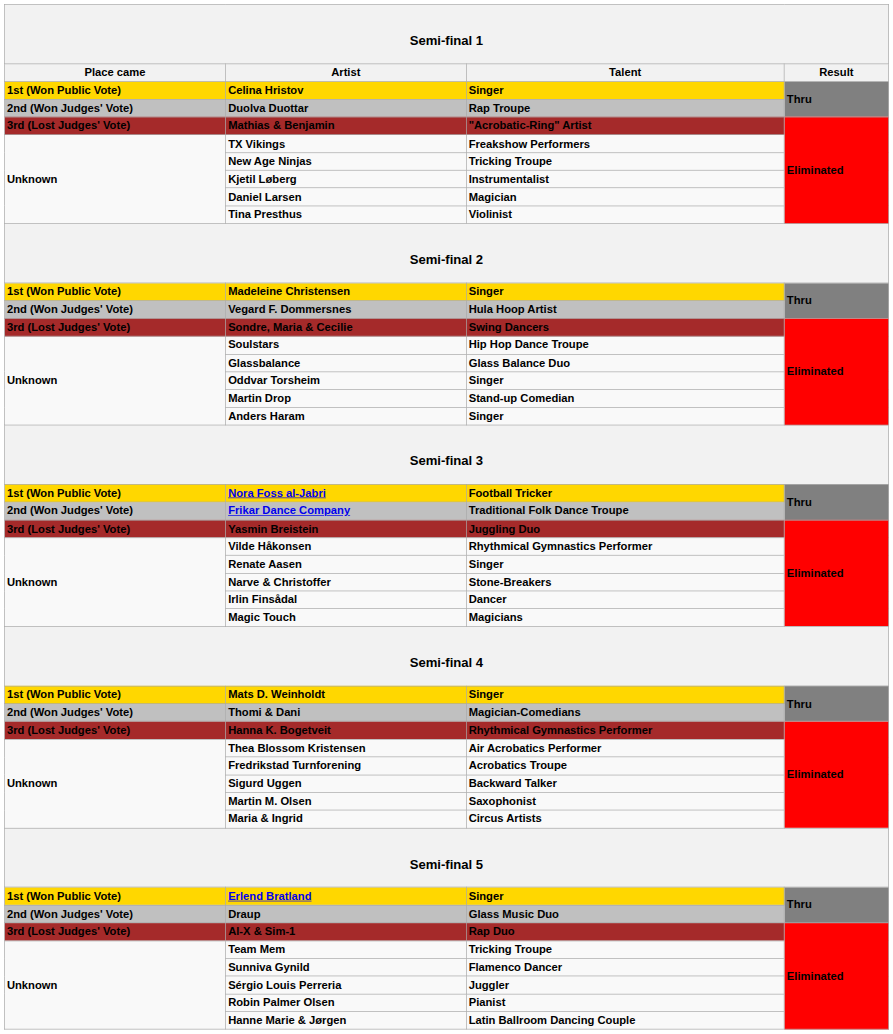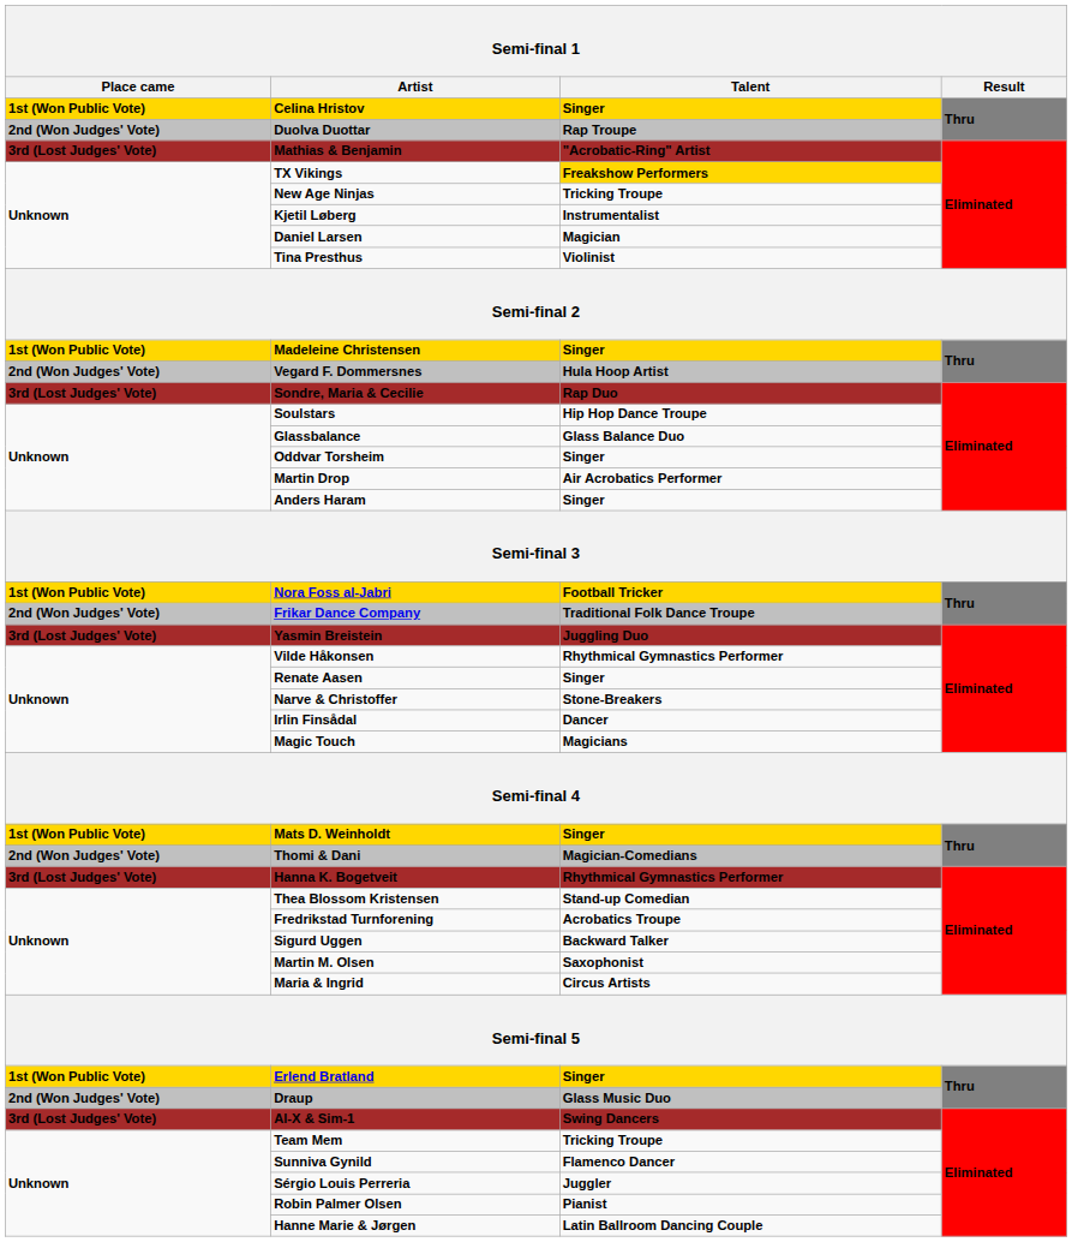 <table class="wikitable" width="100%">
 <tr>
 <th colspan="4"><br><h3>Semi-final 1</h3></th>
 </tr>
 <tr>
 <th>Place came</th>
 <th>Artist</th>
 <th>Talent</th>
 <th>Result</th>
 </tr>
 <tr>
 <td bgcolor="gold"><strong>1st (Won Public Vote)</strong></td>
 <td bgcolor="gold"><strong>Celina Hristov</strong></td>
 <td bgcolor="gold"><strong>Singer</strong></td>
 <td rowspan="2" bgcolor="grey"><strong>Thru</strong></td>
 </tr>
 <tr>
 <td bgcolor="silver"><strong>2nd (Won Judges' Vote)</strong></td>
 <td bgcolor="silver"><strong>Duolva Duottar</strong></td>
 <td bgcolor="silver"><strong>Rap Troupe</strong></td>
 </tr>
 <tr>
 <td bgcolor="brown"><strong>3rd (Lost Judges' Vote)</strong></td>
 <td bgcolor="brown"><strong>Mathias & Benjamin</strong></td>
 <td bgcolor="brown"><strong>"Acrobatic-Ring" Artist</strong></td>
 <td rowspan="6" bgcolor="red"><strong>Eliminated</strong></td>
 </tr>
 <tr>
 <td rowspan="5"><strong>Unknown</strong></td>
 <td><strong>TX Vikings</strong></td>
-<td><strong>Freakshow Performers</strong></td>
+<td style="background: gold;"><strong>Freakshow Performers</strong></td>
 </tr>
 <tr>
 <td><strong>New Age Ninjas</strong></td>
 <td><strong>Tricking Troupe</strong></td>
 </tr>
 <tr>
 <td><strong>Kjetil Løberg</strong></td>
 <td><strong>Instrumentalist</strong></td>
 </tr>
 <tr>
 <td><strong>Daniel Larsen</strong></td>
 <td><strong>Magician</strong></td>
 </tr>
 <tr>
 <td><strong>Tina Presthus</strong></td>
 <td><strong>Violinist</strong></td>
 </tr>
 <tr>
 <th colspan="4"><br><h3>Semi-final 2</h3></th>
 </tr>
 <tr>
 <td bgcolor="gold"><strong>1st (Won Public Vote)</strong></td>
 <td bgcolor="gold"><strong>Madeleine Christensen</strong></td>
 <td bgcolor="gold"><strong>Singer</strong></td>
 <td rowspan="2" bgcolor="grey"><strong>Thru</strong></td>
 </tr>
 <tr>
 <td bgcolor="silver"><strong>2nd (Won Judges' Vote)</strong></td>
 <td bgcolor="silver"><strong>Vegard F. Dommersnes</strong></td>
 <td bgcolor="silver"><strong>Hula Hoop Artist</strong></td>
 </tr>
 <tr>
 <td bgcolor="brown"><strong>3rd (Lost Judges' Vote)</strong></td>
 <td bgcolor="brown"><strong>Sondre, Maria & Cecilie</strong></td>
-<td bgcolor="brown"><strong>Swing Dancers</strong></td>
+<td bgcolor="brown"><strong>Rap Duo</strong></td>
 <td rowspan="6" bgcolor="red"><strong>Eliminated</strong></td>
 </tr>
 <tr>
 <td rowspan="5"><strong>Unknown</strong></td>
 <td><strong>Soulstars</strong></td>
 <td><strong>Hip Hop Dance Troupe</strong></td>
 </tr>
 <tr>
 <td><strong>Glassbalance</strong></td>
 <td><strong>Glass Balance Duo</strong></td>
 </tr>
 <tr>
 <td><strong>Oddvar Torsheim</strong></td>
 <td><strong>Singer</strong></td>
 </tr>
 <tr>
 <td><strong>Martin Drop</strong></td>
-<td><strong>Stand-up Comedian</strong></td>
+<td><strong>Air Acrobatics Performer</strong></td>
 </tr>
 <tr>
 <td><strong>Anders Haram</strong></td>
 <td><strong>Singer</strong></td>
 </tr>
 <tr>
 <th colspan="4"><br><h3>Semi-final 3</h3></th>
 </tr>
 <tr>
 <td bgcolor="gold"><strong>1st (Won Public Vote)</strong></td>
 <td bgcolor="gold"><strong><a href='#'>Nora Foss al-Jabri</a></strong></td>
 <td bgcolor="gold"><strong>Football Tricker</strong></td>
 <td rowspan="2" bgcolor="grey"><strong>Thru</strong></td>
 </tr>
 <tr>
 <td bgcolor="silver"><strong>2nd (Won Judges' Vote)</strong></td>
 <td bgcolor="silver"><strong><a href='#'>Frikar Dance Company</a></strong></td>
 <td bgcolor="silver"><strong>Traditional Folk Dance Troupe</strong></td>
 </tr>
 <tr>
 <td bgcolor="brown"><strong>3rd (Lost Judges' Vote)</strong></td>
 <td bgcolor="brown"><strong>Yasmin Breistein</strong></td>
 <td bgcolor="brown"><strong>Juggling Duo</strong></td>
 <td rowspan="6" bgcolor="red"><strong>Eliminated</strong></td>
 </tr>
 <tr>
 <td rowspan="5"><strong>Unknown</strong></td>
 <td><strong>Vilde Håkonsen</strong></td>
 <td><strong>Rhythmical Gymnastics Performer</strong></td>
 </tr>
 <tr>
 <td><strong>Renate Aasen</strong></td>
 <td><strong>Singer</strong></td>
 </tr>
 <tr>
 <td><strong>Narve & Christoffer</strong></td>
 <td><strong>Stone-Breakers</strong></td>
 </tr>
 <tr>
 <td><strong>Irlin Finsådal</strong></td>
 <td><strong>Dancer</strong></td>
 </tr>
 <tr>
 <td><strong>Magic Touch</strong></td>
 <td><strong>Magicians</strong></td>
 </tr>
 <tr>
 <th colspan="4"><br><h3>Semi-final 4</h3></th>
 </tr>
 <tr>
 <td bgcolor="gold"><strong>1st (Won Public Vote)</strong></td>
 <td bgcolor="gold"><strong>Mats D. Weinholdt</strong></td>
 <td bgcolor="gold"><strong>Singer</strong></td>
 <td rowspan="2" bgcolor="grey"><strong>Thru</strong></td>
 </tr>
 <tr>
 <td bgcolor="silver"><strong>2nd (Won Judges' Vote)</strong></td>
 <td bgcolor="silver"><strong>Thomi & Dani</strong></td>
 <td bgcolor="silver"><strong>Magician-Comedians</strong></td>
 </tr>
 <tr>
 <td bgcolor="brown"><strong>3rd (Lost Judges' Vote)</strong></td>
 <td bgcolor="brown"><strong>Hanna K. Bogetveit</strong></td>
 <td bgcolor="brown"><strong>Rhythmical Gymnastics Performer</strong></td>
 <td rowspan="6" bgcolor="red"><strong>Eliminated</strong></td>
 </tr>
 <tr>
 <td rowspan="5"><strong>Unknown</strong></td>
 <td><strong>Thea Blossom Kristensen</strong></td>
-<td><strong>Air Acrobatics Performer</strong></td>
+<td><strong>Stand-up Comedian</strong></td>
 </tr>
 <tr>
 <td><strong>Fredrikstad Turnforening</strong></td>
 <td><strong>Acrobatics Troupe</strong></td>
 </tr>
 <tr>
 <td><strong>Sigurd Uggen</strong></td>
 <td><strong>Backward Talker</strong></td>
 </tr>
 <tr>
 <td><strong>Martin M. Olsen</strong></td>
 <td><strong>Saxophonist</strong></td>
 </tr>
 <tr>
 <td><strong>Maria & Ingrid</strong></td>
 <td><strong>Circus Artists</strong></td>
 </tr>
 <tr>
 <th colspan="4"><br><h3>Semi-final 5</h3></th>
 </tr>
 <tr>
 <td bgcolor="gold"><strong>1st (Won Public Vote)</strong></td>
 <td bgcolor="gold"><strong><a href='#'>Erlend Bratland</a></strong></td>
 <td bgcolor="gold"><strong>Singer</strong></td>
 <td rowspan="2" bgcolor="grey"><strong>Thru</strong></td>
 </tr>
 <tr>
 <td bgcolor="silver"><strong>2nd (Won Judges' Vote)</strong></td>
 <td bgcolor="silver"><strong>Draup</strong></td>
 <td bgcolor="silver"><strong>Glass Music Duo</strong></td>
 </tr>
 <tr>
 <td bgcolor="brown"><strong>3rd (Lost Judges' Vote)</strong></td>
 <td bgcolor="brown"><strong>Al-X & Sim-1</strong></td>
-<td bgcolor="brown"><strong>Rap Duo</strong></td>
+<td bgcolor="brown"><strong>Swing Dancers</strong></td>
 <td rowspan="6" bgcolor="red"><strong>Eliminated</strong></td>
 </tr>
 <tr>
 <td rowspan="5"><strong>Unknown</strong></td>
 <td><strong>Team Mem</strong></td>
 <td><strong>Tricking Troupe</strong></td>
 </tr>
 <tr>
 <td><strong>Sunniva Gynild</strong></td>
 <td><strong>Flamenco Dancer</strong></td>
 </tr>
 <tr>
 <td><strong>Sérgio Louis Perreria</strong></td>
 <td><strong>Juggler</strong></td>
 </tr>
 <tr>
 <td><strong>Robin Palmer Olsen</strong></td>
 <td><strong>Pianist</strong></td>
 </tr>
 <tr>
 <td><strong>Hanne Marie & Jørgen</strong></td>
 <td><strong>Latin Ballroom Dancing Couple</strong></td>
 </tr>
 </table>
